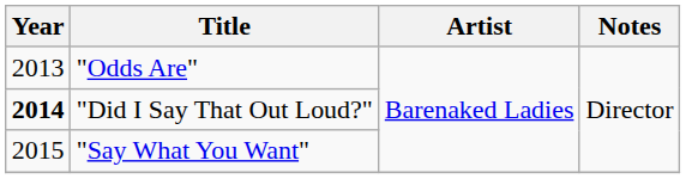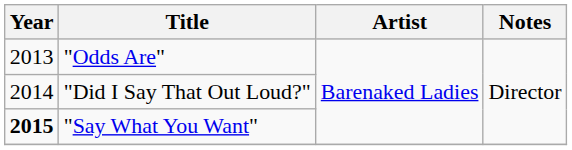 <table class="wikitable sortable">
 <tr>
 <th>Year</th>
 <th>Title</th>
 <th>Artist</th>
 <th>Notes</th>
 </tr>
 <tr>
 <td>2013</td>
 <td>"<a href='#'>Odds Are</a>"</td>
 <td rowspan="3"><a href='#'>Barenaked Ladies</a></td>
 <td rowspan="3">Director</td>
 </tr>
 <tr>
-<td><strong>2014</strong></td>
+<td>2014</td>
 <td>"Did I Say That Out Loud?"</td>
 </tr>
 <tr>
-<td>2015</td>
+<td><strong>2015</strong></td>
 <td>"<a href='#'>Say What You Want</a>"</td>
 </tr>
 <tr>
 </tr>
 </table>
